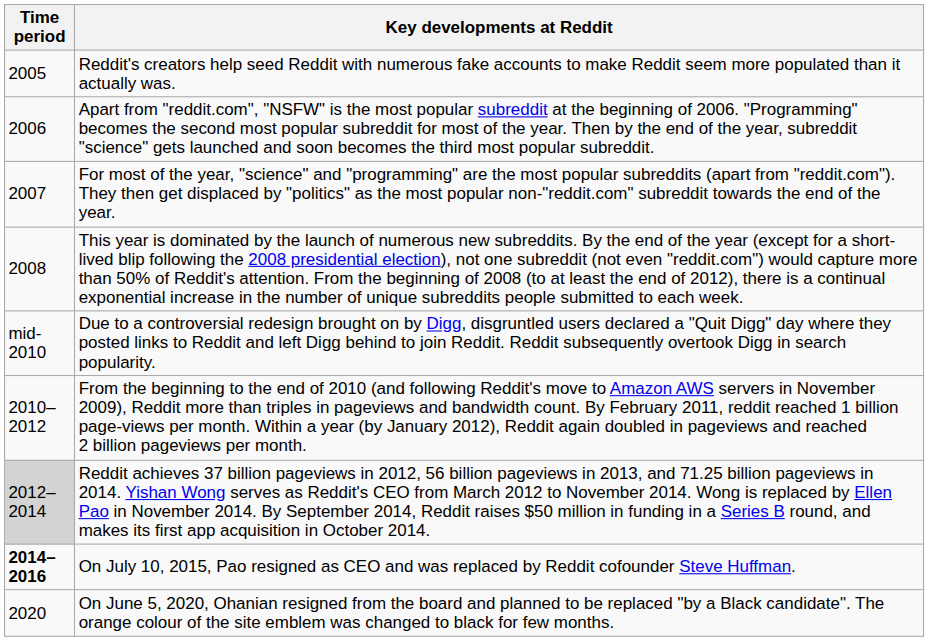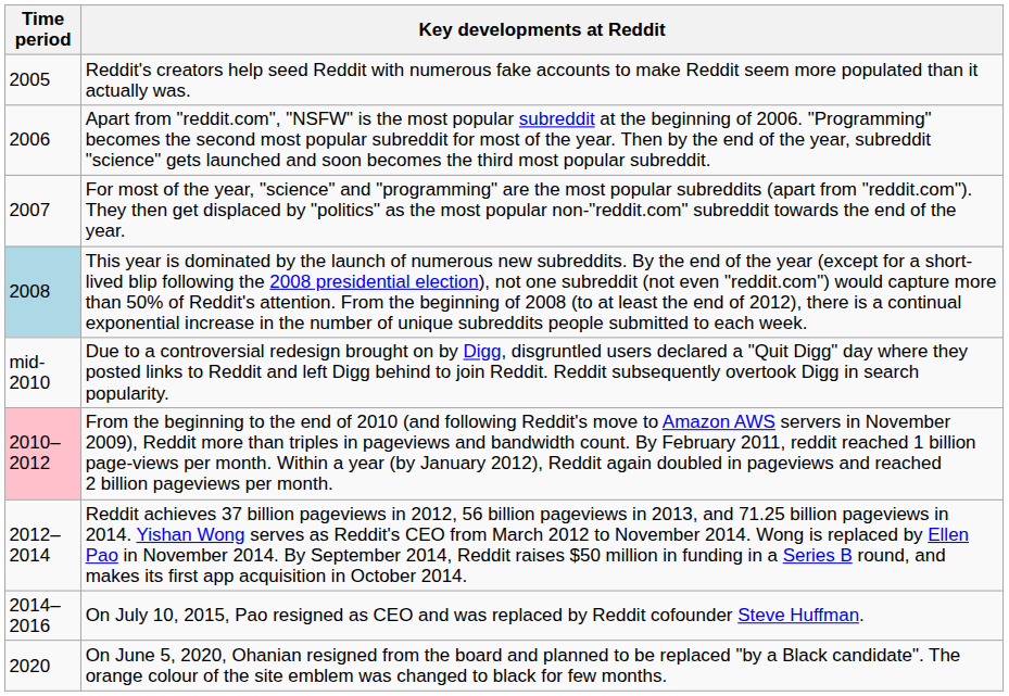 <table class="wikitable sortable">
 <tr>
 <th>Time period</th>
 <th class="unsortable">Key developments at Reddit</th>
 </tr>
 <tr>
 <td>2005</td>
 <td>Reddit's creators help seed Reddit with numerous fake accounts to make Reddit seem more populated than it actually was.</td>
 </tr>
 <tr>
 <td>2006</td>
 <td>Apart from "reddit.com", "NSFW" is the most popular <a href='#'>subreddit</a> at the beginning of 2006. "Programming" becomes the second most popular subreddit for most of the year. Then by the end of the year, subreddit "science" gets launched and soon becomes the third most popular subreddit.</td>
 </tr>
 <tr>
 <td>2007</td>
 <td>For most of the year, "science" and "programming" are the most popular subreddits (apart from "reddit.com"). They then get displaced by "politics" as the most popular non-"reddit.com" subreddit towards the end of the year.</td>
 </tr>
 <tr>
-<td>2008</td>
+<td style="background: lightblue;">2008</td>
 <td>This year is dominated by the launch of numerous new subreddits. By the end of the year (except for a short-lived blip following the <a href='#'>2008 presidential election</a>), not one subreddit (not even "reddit.com") would capture more than 50% of Reddit's attention. From the beginning of 2008 (to at least the end of 2012), there is a continual exponential increase in the number of unique subreddits people submitted to each week.</td>
 </tr>
 <tr>
 <td>mid-2010</td>
 <td>Due to a controversial redesign brought on by <a href='#'>Digg</a>, disgruntled users declared a "Quit Digg" day where they posted links to Reddit and left Digg behind to join Reddit. Reddit subsequently overtook Digg in search popularity.</td>
 </tr>
 <tr>
-<td>2010–2012</td>
+<td style="background: pink;">2010–2012</td>
 <td>From the beginning to the end of 2010 (and following Reddit's move to <a href='#'>Amazon AWS</a> servers in November 2009), Reddit more than triples in pageviews and bandwidth count. By February 2011, reddit reached 1 billion page-views per month. Within a year (by January 2012), Reddit again doubled in pageviews and reached 2 billion pageviews per month.</td>
 </tr>
 <tr>
-<td style="background: lightgrey;">2012–2014</td>
+<td>2012–2014</td>
 <td>Reddit achieves 37 billion pageviews in 2012, 56 billion pageviews in 2013, and 71.25 billion pageviews in 2014. <a href='#'>Yishan Wong</a> serves as Reddit's CEO from March 2012 to November 2014. Wong is replaced by <a href='#'>Ellen Pao</a> in November 2014. By September 2014, Reddit raises $50 million in funding in a <a href='#'>Series B</a> round, and makes its first app acquisition in October 2014.</td>
 </tr>
 <tr>
-<td><strong>2014–2016</strong></td>
+<td>2014–2016</td>
 <td>On July 10, 2015, Pao resigned as CEO and was replaced by Reddit cofounder <a href='#'>Steve Huffman</a>.</td>
 </tr>
 <tr>
 <td>2020</td>
 <td>On June 5, 2020, Ohanian resigned from the board and planned to be replaced "by a Black candidate". The orange colour of the site emblem was changed to black for few months.</td>
 </tr>
 </table>
